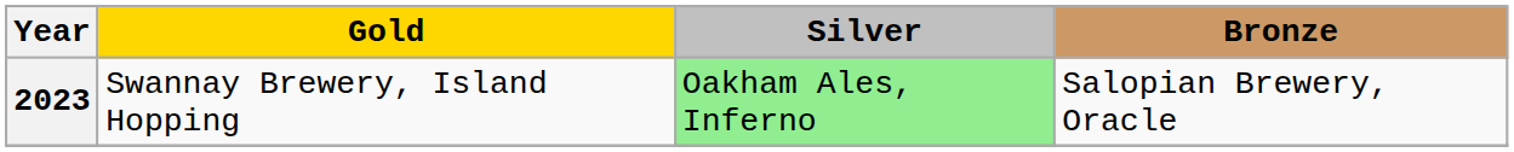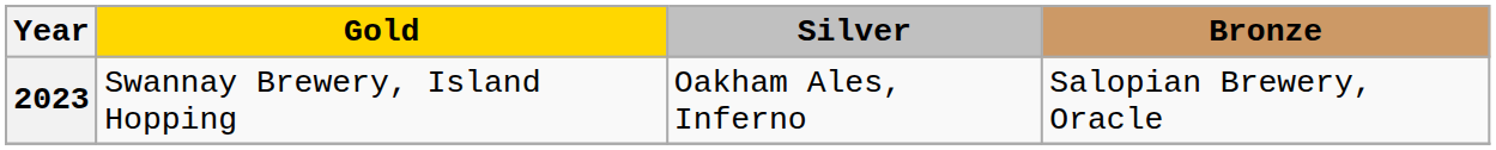 <table class="wikitable">
 <tr>
 <th>Year</th>
 <th style="background:gold;"><strong>Gold</strong></th>
 <th style="background:silver;"><strong>Silver</strong></th>
 <th style="background:#c96;"><strong>Bronze</strong></th>
 </tr>
 <tr>
 <th>2023</th>
 <td>Swannay Brewery, Island Hopping </td>
-<td style="background: lightgreen;">Oakham Ales, Inferno</td>
+<td>Oakham Ales, Inferno</td>
 <td>Salopian Brewery, Oracle</td>
 </tr>
 <tr>
 </tr>
 </table>
